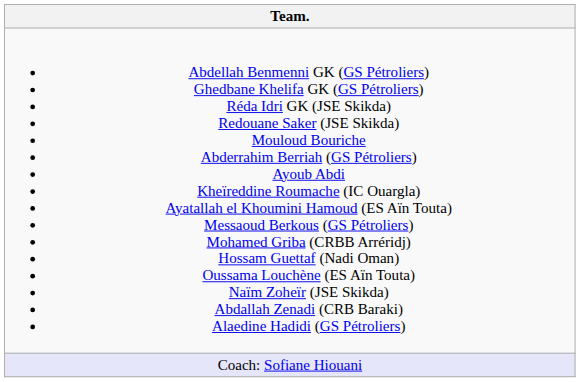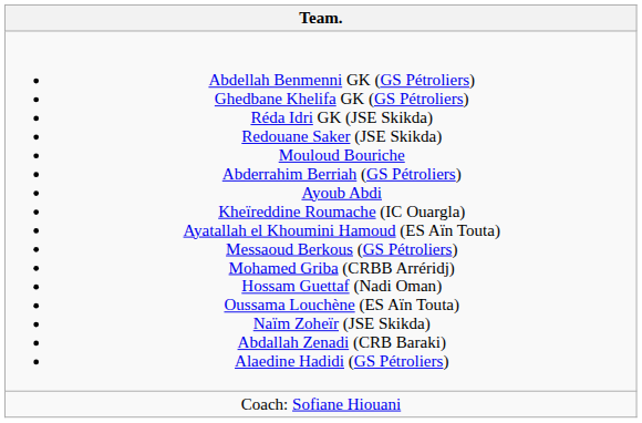 <table class="wikitable" style="text-align: center;">
 <tr>
 <th width=600>Team.</th>
 </tr>
 <tr>
 <td><br><ul><li><a href='#'>Abdellah Benmenni</a> GK (<a href='#'>GS Pétroliers</a>)</li><li><a href='#'>Ghedbane Khelifa</a> GK (<a href='#'>GS Pétroliers</a>)</li><li><a href='#'>Réda Idri</a> GK (JSE Skikda)</li><li><a href='#'>Redouane Saker</a> (JSE Skikda)</li><li><a href='#'>Mouloud Bouriche</a></li><li><a href='#'>Abderrahim Berriah</a> (<a href='#'>GS Pétroliers</a>)</li><li><a href='#'>Ayoub Abdi</a></li><li><a href='#'>Kheïreddine Roumache</a> (IC Ouargla)</li><li><a href='#'>Ayatallah el Khoumini Hamoud</a> (ES Aïn Touta)</li><li><a href='#'>Messaoud Berkous</a> (<a href='#'>GS Pétroliers</a>)</li><li><a href='#'>Mohamed Griba</a> (CRBB Arréridj)</li><li><a href='#'>Hossam Guettaf</a> (Nadi Oman)</li><li><a href='#'>Oussama Louchène</a> (ES Aïn Touta)</li><li><a href='#'>Naïm Zoheïr</a> (JSE Skikda)</li><li><a href='#'>Abdallah Zenadi</a> (CRB Baraki)</li><li><a href='#'>Alaedine Hadidi</a> (<a href='#'>GS Pétroliers</a>)</li></ul></td>
 </tr>
 <tr>
-<td style="background: lavender;">Coach:  <a href='#'>Sofiane Hiouani</a></td>
+<td>Coach:  <a href='#'>Sofiane Hiouani</a></td>
 </tr>
 </table>
